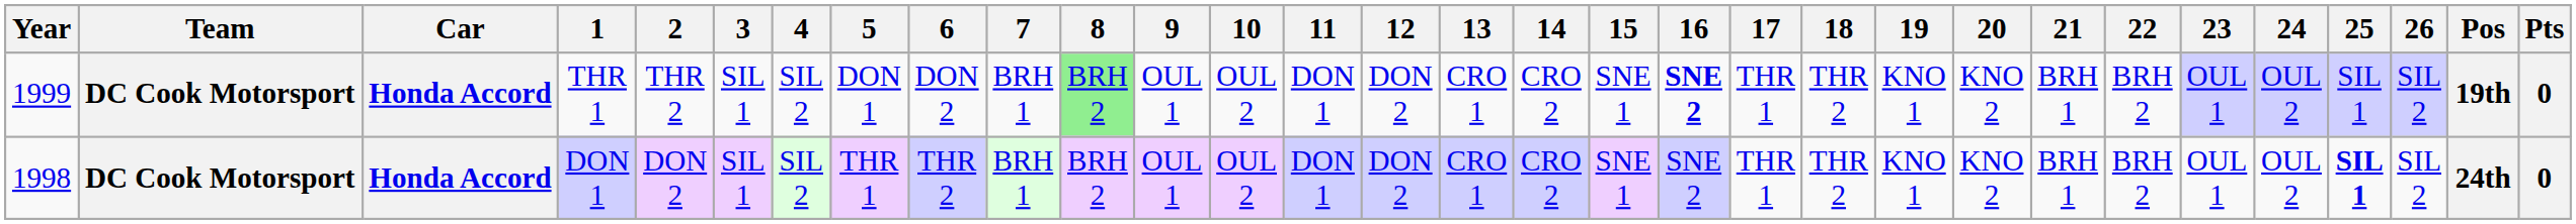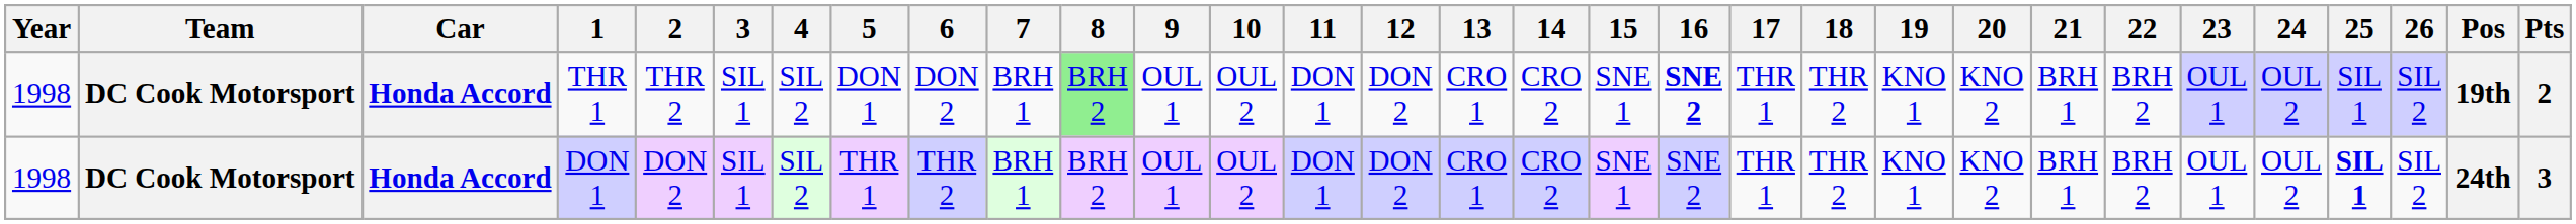 <table class="wikitable" style="text-align:center; font-size:85%">
 <tr>
 <th>Year</th>
 <th>Team</th>
 <th>Car</th>
 <th>1</th>
 <th>2</th>
 <th>3</th>
 <th>4</th>
 <th>5</th>
 <th>6</th>
 <th>7</th>
 <th>8</th>
 <th>9</th>
 <th>10</th>
 <th>11</th>
 <th>12</th>
 <th>13</th>
 <th>14</th>
 <th>15</th>
 <th>16</th>
 <th>17</th>
 <th>18</th>
 <th>19</th>
 <th>20</th>
 <th>21</th>
 <th>22</th>
 <th>23</th>
 <th>24</th>
 <th>25</th>
 <th>26</th>
 <th>Pos</th>
 <th>Pts</th>
 </tr>
 <tr>
-<td><a href='#'>1999</a></td>
+<td><a href='#'>1998</a></td>
 <th nowrap>DC Cook Motorsport</th>
 <th nowrap><a href='#'>Honda Accord</a></th>
 <td><a href='#'>THR<br>1</a></td>
 <td><a href='#'>THR<br>2</a></td>
 <td><a href='#'>SIL<br>1</a></td>
 <td><a href='#'>SIL<br>2</a></td>
 <td><a href='#'>DON<br>1</a></td>
 <td><a href='#'>DON<br>2</a></td>
 <td><a href='#'>BRH<br>1</a></td>
 <td style="background: lightgreen;"><a href='#'>BRH<br>2</a></td>
 <td><a href='#'>OUL<br>1</a></td>
 <td><a href='#'>OUL<br>2</a></td>
 <td><a href='#'>DON<br>1</a></td>
 <td><a href='#'>DON<br>2</a></td>
 <td><a href='#'>CRO<br>1</a></td>
 <td><a href='#'>CRO<br>2</a></td>
 <td><a href='#'>SNE<br>1</a></td>
 <td><strong><a href='#'>SNE<br>2</a></strong></td>
 <td><a href='#'>THR<br>1</a></td>
 <td><a href='#'>THR<br>2</a></td>
 <td><a href='#'>KNO<br>1</a></td>
 <td><a href='#'>KNO<br>2</a></td>
 <td><a href='#'>BRH<br>1</a></td>
 <td><a href='#'>BRH<br>2</a></td>
 <td style="background:#CFCFFF;"><a href='#'>OUL<br>1</a><br></td>
 <td style="background:#CFCFFF;"><a href='#'>OUL<br>2</a><br></td>
 <td style="background:#CFCFFF;"><a href='#'>SIL<br>1</a><br></td>
 <td style="background:#CFCFFF;"><a href='#'>SIL<br>2</a><br></td>
 <th>19th</th>
-<th>0</th>
+<th>2</th>
 </tr>
 <tr>
 <td><a href='#'>1998</a></td>
 <th nowrap>DC Cook Motorsport</th>
 <th nowrap><a href='#'>Honda Accord</a></th>
 <td style="background:#CFCFFF;"><a href='#'>DON<br>1</a><br></td>
 <td style="background:#EFCFFF;"><a href='#'>DON<br>2</a><br></td>
 <td style="background:#EFCFFF;"><a href='#'>SIL<br>1</a><br></td>
 <td style="background:#DFFFDF;"><a href='#'>SIL<br>2</a><br></td>
 <td style="background:#EFCFFF;"><a href='#'>THR<br>1</a><br></td>
 <td style="background:#CFCFFF;"><a href='#'>THR<br>2</a><br></td>
 <td style="background:#DFFFDF;"><a href='#'>BRH<br>1</a><br></td>
 <td style="background:#EFCFFF;"><a href='#'>BRH<br>2</a><br></td>
 <td style="background:#EFCFFF;"><a href='#'>OUL<br>1</a><br></td>
 <td style="background:#EFCFFF;"><a href='#'>OUL<br>2</a><br></td>
 <td style="background:#CFCFFF;"><a href='#'>DON<br>1</a><br></td>
 <td style="background:#CFCFFF;"><a href='#'>DON<br>2</a><br></td>
 <td style="background:#CFCFFF;"><a href='#'>CRO<br>1</a><br></td>
 <td style="background:#CFCFFF;"><a href='#'>CRO<br>2</a><br></td>
 <td style="background:#EFCFFF;"><a href='#'>SNE<br>1</a><br></td>
 <td style="background:#CFCFFF;"><a href='#'>SNE<br>2</a><br></td>
 <td><a href='#'>THR<br>1</a></td>
 <td><a href='#'>THR<br>2</a></td>
 <td><a href='#'>KNO<br>1</a></td>
 <td><a href='#'>KNO<br>2</a></td>
 <td><a href='#'>BRH<br>1</a></td>
 <td><a href='#'>BRH<br>2</a></td>
 <td><a href='#'>OUL<br>1</a></td>
 <td><a href='#'>OUL<br>2</a></td>
 <td><strong><a href='#'>SIL<br>1</a></strong></td>
 <td><a href='#'>SIL<br>2</a></td>
 <th>24th</th>
-<th>0</th>
+<th>3</th>
 </tr>
 </table>
